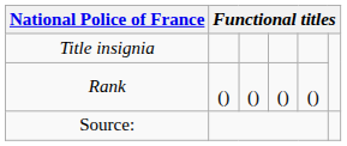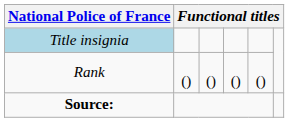 <table class="wikitable" style="text-align: center;">
 <tr>
 <th><a href='#'>National Police of France</a></th>
 <th colspan="5"><em>Functional titles</em></th>
 </tr>
 <tr>
-<td><em>Title insignia</em></td>
+<td style="background: lightblue;"><em>Title insignia</em></td>
 <td></td>
 <td></td>
 <td></td>
 <td></td>
 </tr>
 <tr>
 <td><em>Rank</em></td>
 <td><br>()</td>
 <td><br>()</td>
 <td><br>()</td>
 <td><br>()</td>
 </tr>
 <tr>
-<td>Source:</td>
+<td><strong>Source:</strong></td>
 <td colspan="4"></td>
 <td></td>
 </tr>
 </table>
